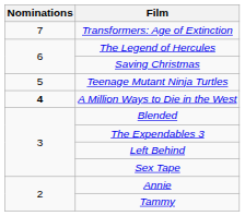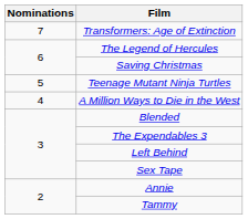 <table class="wikitable sortable" style="text-align:center;">
 <tr>
 <th scope="col" width="55">Nominations</th>
 <th scope="col" align="center">Film</th>
 </tr>
 <tr>
 <td rowspan="1" style="text-align:center">7</td>
 <td><em><a href='#'>Transformers: Age of Extinction</a></em></td>
 </tr>
 <tr>
 <td rowspan="2" style="text-align:center">6</td>
 <td><em><a href='#'>The Legend of Hercules</a></em></td>
 </tr>
 <tr>
 <td><em><a href='#'>Saving Christmas</a></em></td>
 </tr>
 <tr>
 <td>5</td>
 <td><em><a href='#'>Teenage Mutant Ninja Turtles</a></em></td>
 </tr>
 <tr>
-<td><strong>4</strong></td>
+<td>4</td>
 <td><em><a href='#'>A Million Ways to Die in the West</a></em></td>
 </tr>
 <tr>
 <td rowspan="4" style="text-align:center">3</td>
 <td><em><a href='#'>Blended</a></em></td>
 </tr>
 <tr>
 <td><em><a href='#'>The Expendables 3</a></em></td>
 </tr>
 <tr>
 <td><em><a href='#'>Left Behind</a></em></td>
 </tr>
 <tr>
 <td><em><a href='#'>Sex Tape</a></em></td>
 </tr>
 <tr>
 <td rowspan="2" style="text-align:center">2</td>
 <td><em><a href='#'>Annie</a></em></td>
 </tr>
 <tr>
 <td><em><a href='#'>Tammy</a></em></td>
 </tr>
 </table>
